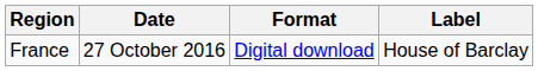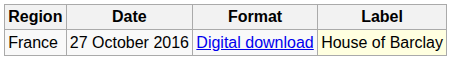 <table class=wikitable>
 <tr>
 <th>Region</th>
 <th>Date</th>
 <th>Format</th>
 <th>Label</th>
 </tr>
 <tr>
 <td>France</td>
 <td>27 October 2016</td>
 <td><a href='#'>Digital download</a></td>
-<td>House of Barclay</td>
+<td style="background: lightyellow;">House of Barclay</td>
 </tr>
 <tr>
 </tr>
 </table>
